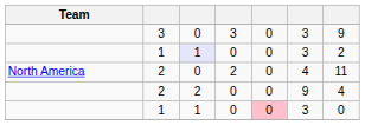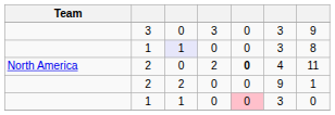 <table class="wikitable sortable" style="text-align:center;">
 <tr>
 <th width=175>Team</th>
 <th width=40></th>
 <th width=40></th>
 <th width=40></th>
 <th width=40></th>
 <th width=40></th>
 <th width=40></th>
 </tr>
 <tr>
 </tr>
 <tr>
 <td align=left></td>
 <td>3</td>
 <td>0</td>
 <td>3</td>
 <td>0</td>
 <td>3</td>
 <td>9</td>
 </tr>
 <tr>
 <td align=left></td>
 <td>1</td>
 <td style="background: lavender;">1</td>
 <td>0</td>
 <td>0</td>
 <td>3</td>
-<td>2</td>
+<td>8</td>
 </tr>
 <tr>
 <td align=left><a href='#'>North America</a></td>
 <td>2</td>
 <td>0</td>
 <td>2</td>
-<td>0</td>
+<td><strong>0</strong></td>
 <td>4</td>
 <td>11</td>
 </tr>
 <tr>
 <td align=left></td>
 <td>2</td>
 <td>2</td>
 <td>0</td>
 <td>0</td>
 <td>9</td>
-<td>4</td>
+<td>1</td>
 </tr>
 <tr>
 <td align=left></td>
 <td>1</td>
 <td>1</td>
 <td>0</td>
 <td style="background: pink;">0</td>
 <td>3</td>
 <td>0</td>
 </tr>
 <tr>
 </tr>
 </table>
